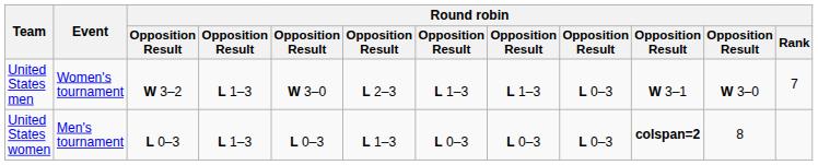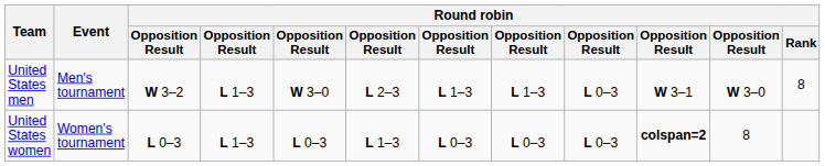 <table class=wikitable style=font-size:90%;text-align:center>
 <tr>
 <th rowspan=2>Team</th>
 <th rowspan=2>Event</th>
 <th colspan=10>Round robin</th>
 </tr>
 <tr style=font-size:95%>
 <th>Opposition<br>Result</th>
 <th>Opposition<br>Result</th>
 <th>Opposition<br>Result</th>
 <th>Opposition<br>Result</th>
 <th>Opposition<br>Result</th>
 <th>Opposition<br>Result</th>
 <th>Opposition<br>Result</th>
 <th>Opposition<br>Result</th>
 <th>Opposition<br>Result</th>
 <th>Rank</th>
 </tr>
 <tr>
 <td align=left><a href='#'>United States men</a></td>
-<td align=left><a href='#'>Women's tournament</a></td>
+<td align=left><a href='#'>Men's tournament</a></td>
 <td><br><strong>W</strong> 3–2</td>
 <td><br><strong>L</strong> 1–3</td>
 <td><br><strong>W</strong> 3–0</td>
 <td><br><strong>L</strong> 2–3</td>
 <td><br><strong>L</strong> 1–3</td>
 <td><br><strong>L</strong> 1–3</td>
 <td><br><strong>L</strong> 0–3</td>
 <td><br><strong>W</strong> 3–1</td>
 <td><br><strong>W</strong> 3–0</td>
-<td>7</td>
+<td>8</td>
 </tr>
 <tr>
 <td align=left><a href='#'>United States women</a></td>
-<td align=left><a href='#'>Men's tournament</a></td>
+<td align=left><a href='#'>Women's tournament</a></td>
 <td><br><strong>L</strong> 0–3</td>
 <td><br><strong>L</strong> 1–3</td>
 <td><br><strong>L</strong> 0–3</td>
 <td><br><strong>L</strong> 1–3</td>
 <td><br><strong>L</strong> 0–3</td>
 <td><br><strong>L</strong> 0–3</td>
 <td><br><strong>L</strong> 0–3</td>
 <td><strong>colspan=2 </strong></td>
 <td>8</td>
 </tr>
 </table>
